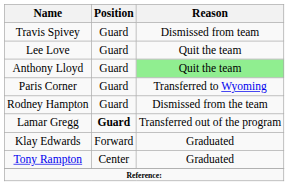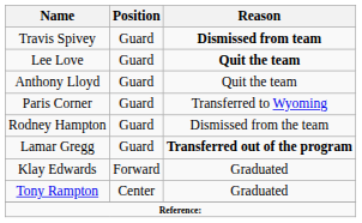 <table class="wikitable" style="text-align: center">
 <tr align=center>
 <th>Name</th>
 <th>Position</th>
 <th>Reason</th>
 </tr>
 <tr>
 <td>Travis Spivey</td>
 <td>Guard</td>
-<td>Dismissed from team</td>
+<td><strong>Dismissed from team</strong></td>
 </tr>
 <tr>
 <td>Lee Love</td>
 <td>Guard</td>
-<td>Quit the team</td>
+<td><strong>Quit the team</strong></td>
 </tr>
 <tr>
 <td>Anthony Lloyd</td>
 <td>Guard</td>
-<td style="background: lightgreen;">Quit the team</td>
+<td>Quit the team</td>
 </tr>
 <tr>
 <td>Paris Corner</td>
 <td>Guard</td>
 <td>Transferred to <a href='#'>Wyoming</a></td>
 </tr>
 <tr>
 <td>Rodney Hampton</td>
 <td>Guard</td>
 <td>Dismissed from the team</td>
 </tr>
 <tr>
 <td>Lamar Gregg</td>
-<td><strong>Guard</strong></td>
-<td>Transferred out of the program</td>
+<td>Guard</td>
+<td><strong>Transferred out of the program</strong></td>
 </tr>
 <tr>
 <td>Klay Edwards</td>
 <td>Forward</td>
 <td>Graduated</td>
 </tr>
 <tr>
 <td><a href='#'>Tony Rampton</a></td>
 <td>Center</td>
 <td>Graduated</td>
 </tr>
 <tr>
 </tr>
 <tr>
 <td colspan="6"  style="font-size:8pt; text-align:center;"><strong>Reference:</strong></td>
 </tr>
 </table>
